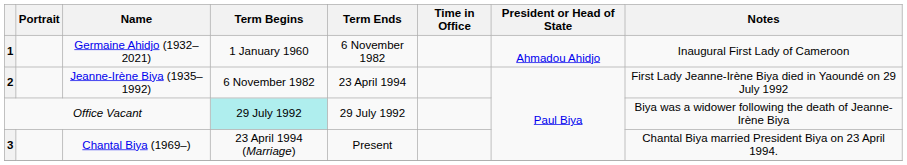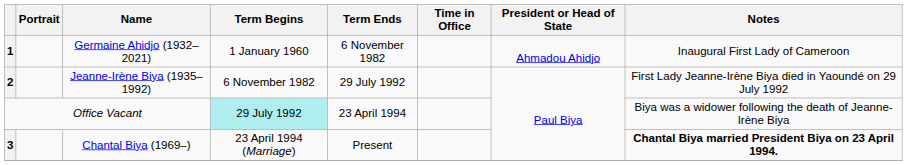 <table class="wikitable" style="text-align:center">
 <tr>
 <th></th>
 <th>Portrait</th>
 <th>Name</th>
 <th>Term Begins</th>
 <th>Term Ends</th>
 <th>Time in Office</th>
 <th>President or Head of State</th>
 <th>Notes</th>
 </tr>
 <tr>
 <th><strong>1</strong></th>
 <td></td>
 <td><a href='#'>Germaine Ahidjo</a> (1932–2021)</td>
 <td>1 January 1960</td>
 <td>6 November 1982</td>
 <td></td>
 <td><br><a href='#'>Ahmadou Ahidjo</a><br></td>
 <td>Inaugural First Lady of Cameroon</td>
 </tr>
 <tr>
 <th><strong>2</strong></th>
 <td></td>
 <td><a href='#'>Jeanne-Irène Biya</a> (1935–1992)</td>
 <td>6 November 1982</td>
-<td>23 April 1994</td>
+<td>29 July 1992 </td>
 <td></td>
 <td rowspan="3"><br><a href='#'>Paul Biya</a><br></td>
 <td>First Lady Jeanne-Irène Biya died in Yaoundé on 29 July 1992</td>
 </tr>
 <tr>
 <td colspan="3"><em>Office Vacant</em></td>
 <td style="background: paleturquoise;">29 July 1992</td>
-<td>29 July 1992 </td>
+<td>23 April 1994</td>
 <td></td>
 <td>Biya was a widower following the death of Jeanne-Irène Biya</td>
 </tr>
 <tr>
 <th><strong>3</strong></th>
 <td></td>
 <td><a href='#'>Chantal Biya</a> (1969–)</td>
 <td>23 April 1994 (<em>Marriage</em>)</td>
 <td>Present</td>
 <td></td>
-<td>Chantal Biya married President Biya on 23 April 1994.</td>
+<td><strong>Chantal Biya married President Biya on 23 April 1994.</strong></td>
 </tr>
 <tr>
 </tr>
 </table>
